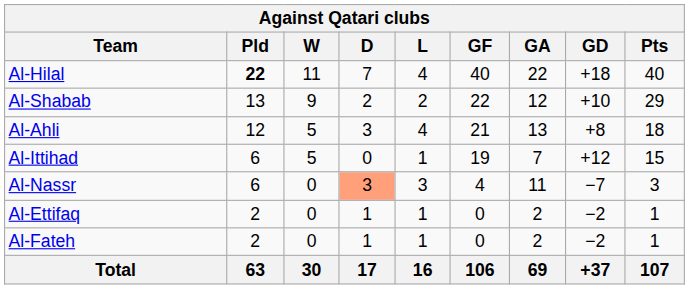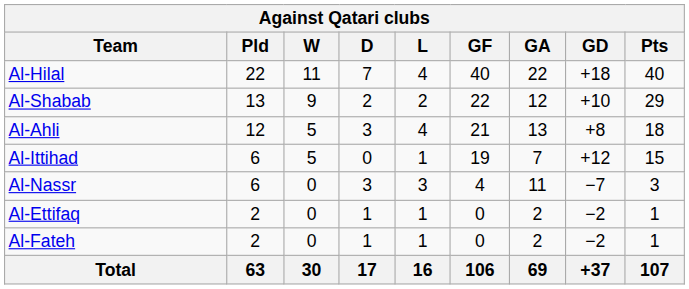 <table class="wikitable" style="width:70%; text-align:center;">
 <tr>
 <th colspan=9>Against Qatari clubs</th>
 </tr>
 <tr>
 <th style="width:20%;">Team</th>
 <th width=5%>Pld</th>
 <th width=5%>W</th>
 <th width=5%>D</th>
 <th width=5%>L</th>
 <th width=5%>GF</th>
 <th width=5%>GA</th>
 <th width=5%>GD</th>
 <th width=5%>Pts</th>
 </tr>
 <tr>
 <td align=left> <a href='#'>Al-Hilal</a></td>
-<td><strong>22</strong></td>
+<td>22</td>
 <td>11</td>
 <td>7</td>
 <td>4</td>
 <td>40</td>
 <td>22</td>
 <td>+18</td>
 <td>40</td>
 </tr>
 <tr>
 <td align=left> <a href='#'>Al-Shabab</a></td>
 <td>13</td>
 <td>9</td>
 <td>2</td>
 <td>2</td>
 <td>22</td>
 <td>12</td>
 <td>+10</td>
 <td>29</td>
 </tr>
 <tr>
 <td align=left> <a href='#'>Al-Ahli</a></td>
 <td>12</td>
 <td>5</td>
 <td>3</td>
 <td>4</td>
 <td>21</td>
 <td>13</td>
 <td>+8</td>
 <td>18</td>
 </tr>
 <tr>
 <td align=left> <a href='#'>Al-Ittihad</a></td>
 <td>6</td>
 <td>5</td>
 <td>0</td>
 <td>1</td>
 <td>19</td>
 <td>7</td>
 <td>+12</td>
 <td>15</td>
 </tr>
 <tr>
 <td align=left> <a href='#'>Al-Nassr</a></td>
 <td>6</td>
 <td>0</td>
-<td style="background: lightsalmon;">3</td>
+<td>3</td>
 <td>3</td>
 <td>4</td>
 <td>11</td>
 <td>−7</td>
 <td>3</td>
 </tr>
 <tr>
 <td align=left> <a href='#'>Al-Ettifaq</a></td>
 <td>2</td>
 <td>0</td>
 <td>1</td>
 <td>1</td>
 <td>0</td>
 <td>2</td>
 <td>−2</td>
 <td>1</td>
 </tr>
 <tr>
 <td align=left> <a href='#'>Al-Fateh</a></td>
 <td>2</td>
 <td>0</td>
 <td>1</td>
 <td>1</td>
 <td>0</td>
 <td>2</td>
 <td>−2</td>
 <td>1</td>
 </tr>
 <tr>
 <th>Total</th>
 <th>63</th>
 <th>30</th>
 <th>17</th>
 <th>16</th>
 <th>106</th>
 <th>69</th>
 <th>+37</th>
 <th>107</th>
 </tr>
 </table>
